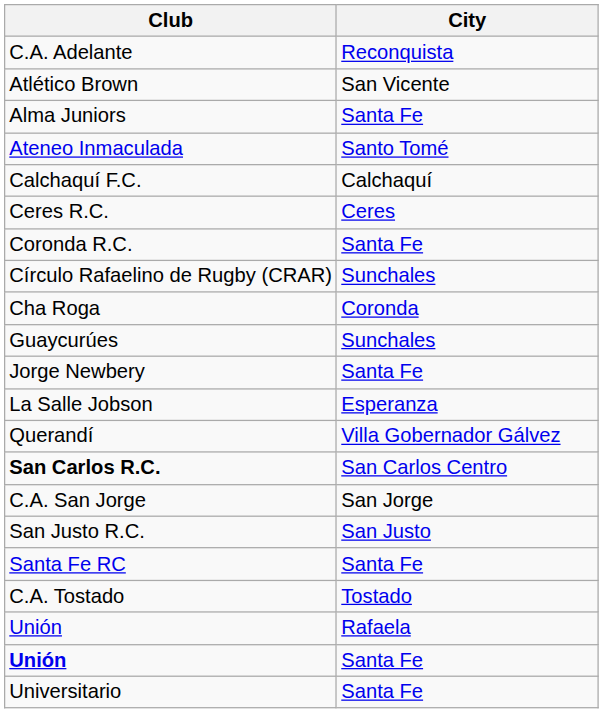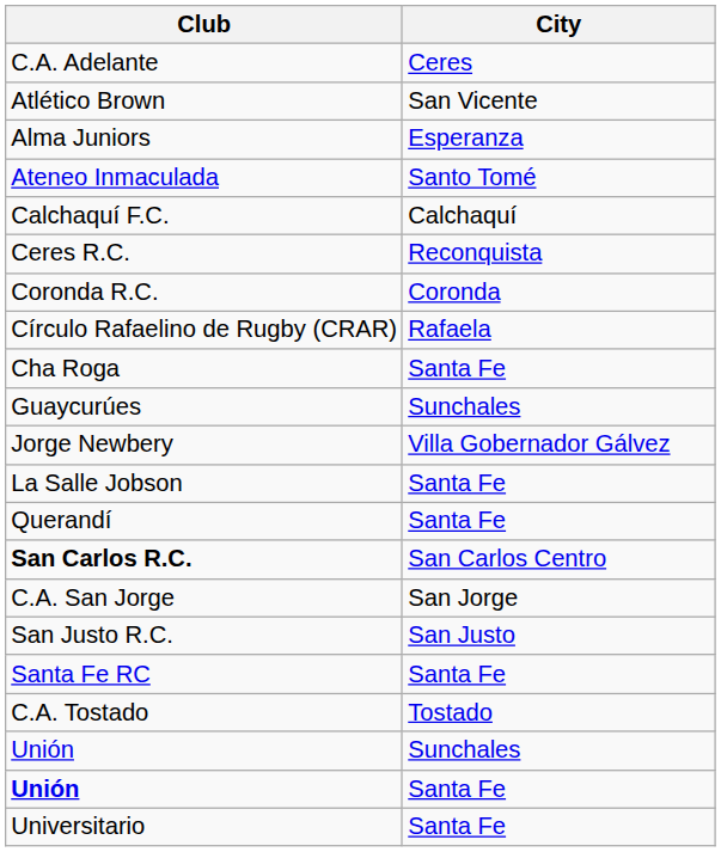 <table class="wikitable sortable" width=>
 <tr>
 <th width=>Club</th>
 <th width=200px>City</th>
 </tr>
 <tr>
 <td>C.A. Adelante</td>
-<td><a href='#'>Reconquista</a></td>
+<td><a href='#'>Ceres</a></td>
 </tr>
 <tr>
 <td>Atlético Brown</td>
 <td>San Vicente</td>
 </tr>
 <tr>
 <td>Alma Juniors</td>
-<td><a href='#'>Santa Fe</a></td>
+<td><a href='#'>Esperanza</a></td>
 </tr>
 <tr>
 <td><a href='#'>Ateneo Inmaculada</a></td>
 <td><a href='#'>Santo Tomé</a></td>
 </tr>
 <tr>
 <td>Calchaquí F.C.</td>
 <td>Calchaquí</td>
 </tr>
 <tr>
 <td>Ceres R.C.</td>
-<td><a href='#'>Ceres</a></td>
+<td><a href='#'>Reconquista</a></td>
 </tr>
 <tr>
 <td>Coronda R.C.</td>
-<td><a href='#'>Santa Fe</a></td>
+<td><a href='#'>Coronda</a></td>
 </tr>
 <tr>
 <td>Círculo Rafaelino de Rugby (CRAR)</td>
-<td><a href='#'>Sunchales</a></td>
+<td><a href='#'>Rafaela</a></td>
 </tr>
 <tr>
 <td>Cha Roga</td>
-<td><a href='#'>Coronda</a></td>
+<td><a href='#'>Santa Fe</a></td>
 </tr>
 <tr>
 <td>Guaycurúes</td>
 <td><a href='#'>Sunchales</a></td>
 </tr>
 <tr>
 <td>Jorge Newbery</td>
+<td><a href='#'>Villa Gobernador Gálvez</a></td>
+</tr>
+<tr>
+<td>La Salle Jobson</td>
 <td><a href='#'>Santa Fe</a></td>
 </tr>
 <tr>
-<td>La Salle Jobson</td>
-<td><a href='#'>Esperanza</a></td>
-</tr>
-<tr>
 <td>Querandí</td>
-<td><a href='#'>Villa Gobernador Gálvez</a></td>
+<td><a href='#'>Santa Fe</a></td>
 </tr>
 <tr>
 <td><strong>San Carlos R.C.</strong></td>
 <td><a href='#'>San Carlos Centro</a></td>
 </tr>
 <tr>
 <td>C.A. San Jorge</td>
 <td>San Jorge</td>
 </tr>
 <tr>
 <td>San Justo R.C.</td>
 <td><a href='#'>San Justo</a></td>
 </tr>
 <tr>
 <td><a href='#'>Santa Fe RC</a></td>
 <td><a href='#'>Santa Fe</a></td>
 </tr>
 <tr>
 <td>C.A. Tostado</td>
 <td><a href='#'>Tostado</a></td>
 </tr>
 <tr>
 <td><a href='#'>Unión</a></td>
-<td><a href='#'>Rafaela</a></td>
+<td><a href='#'>Sunchales</a></td>
 </tr>
 <tr>
 <td><strong><a href='#'>Unión</a></strong></td>
 <td><a href='#'>Santa Fe</a></td>
 </tr>
 <tr>
 <td>Universitario</td>
 <td><a href='#'>Santa Fe</a></td>
 </tr>
 </table>
